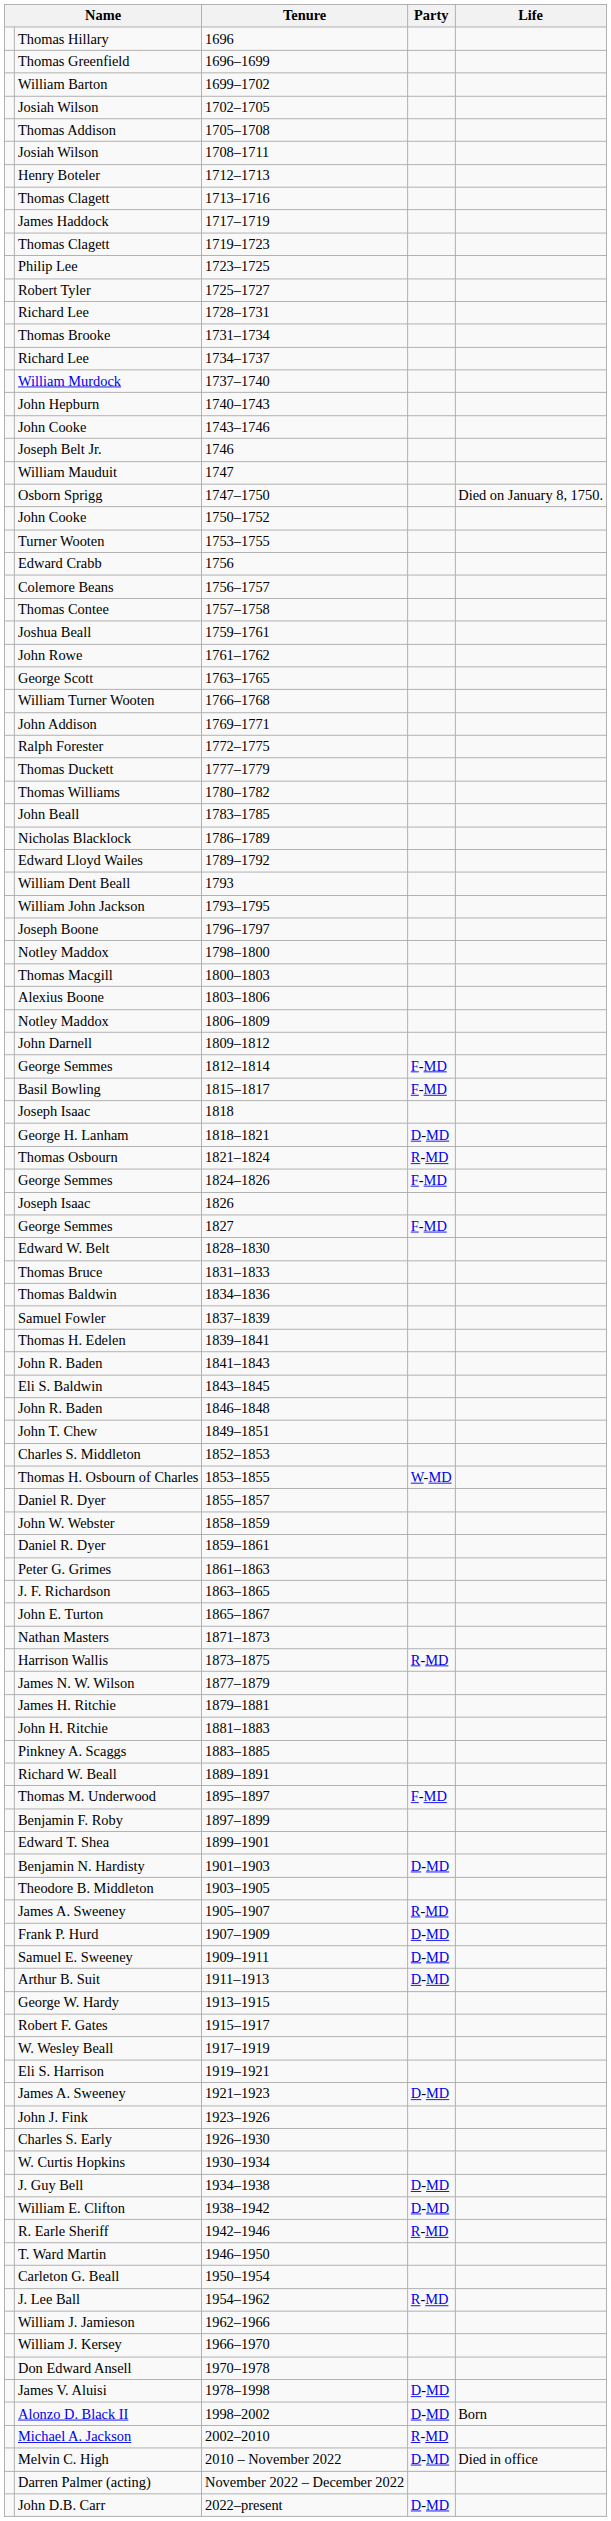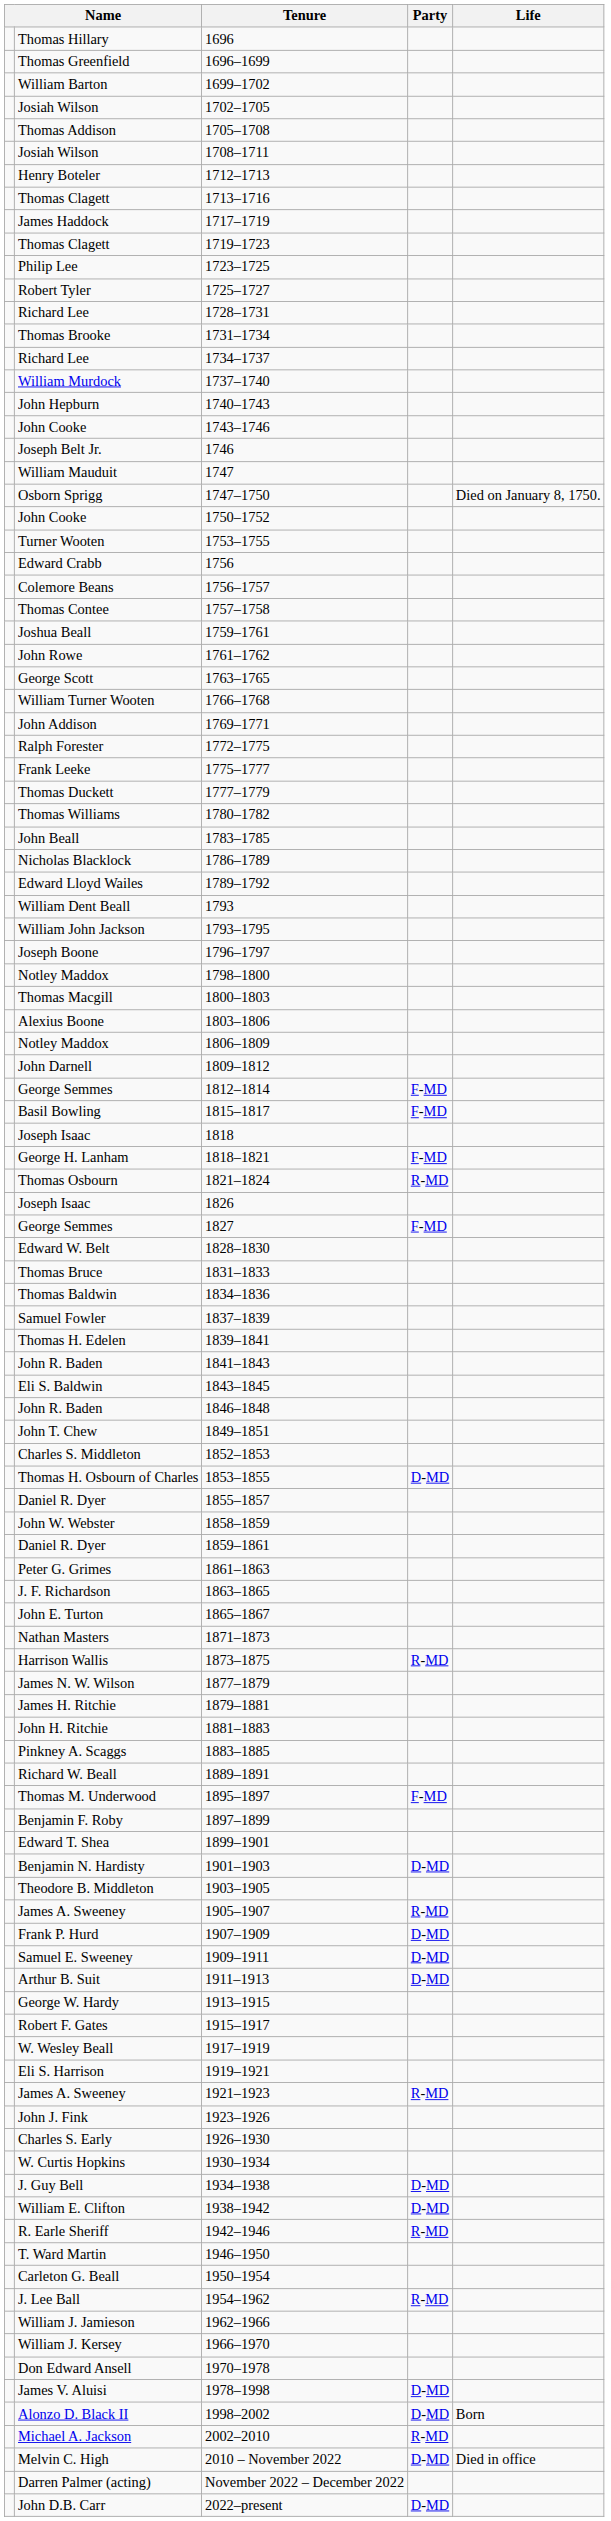 <table class=wikitable>
 <tr>
 <th colspan="2" style="text-align:center; vertical-align:bottom;">Name</th>
 <th style="text-align:center;">Tenure</th>
 <th valign=bottom>Party</th>
 <th style="vertical-align:bottom; text-align:center;">Life</th>
 </tr>
 <tr>
 <td></td>
 <td>Thomas Hillary</td>
 <td>1696</td>
 <td></td>
 <td></td>
 </tr>
 <tr>
 <td></td>
 <td>Thomas Greenfield</td>
 <td>1696–1699</td>
 <td></td>
 <td></td>
 </tr>
 <tr>
 <td></td>
 <td>William Barton</td>
 <td>1699–1702</td>
 <td></td>
 <td></td>
 </tr>
 <tr>
 <td></td>
 <td>Josiah Wilson</td>
 <td>1702–1705</td>
 <td></td>
 <td></td>
 </tr>
 <tr>
 <td></td>
 <td>Thomas Addison</td>
 <td>1705–1708</td>
 <td></td>
 <td></td>
 </tr>
 <tr>
 <td></td>
 <td>Josiah Wilson</td>
 <td>1708–1711</td>
 <td></td>
 <td></td>
 </tr>
 <tr>
 <td></td>
 <td>Henry Boteler</td>
 <td>1712–1713</td>
 <td></td>
 <td></td>
 </tr>
 <tr>
 <td></td>
 <td>Thomas Clagett</td>
 <td>1713–1716</td>
 <td></td>
 <td></td>
 </tr>
 <tr>
 <td></td>
 <td>James Haddock</td>
 <td>1717–1719</td>
 <td></td>
 <td></td>
 </tr>
 <tr>
 <td></td>
 <td>Thomas Clagett</td>
 <td>1719–1723</td>
 <td></td>
 <td></td>
 </tr>
 <tr>
 <td></td>
 <td>Philip Lee</td>
 <td>1723–1725</td>
 <td></td>
 <td></td>
 </tr>
 <tr>
 <td></td>
 <td>Robert Tyler</td>
 <td>1725–1727</td>
 <td></td>
 <td></td>
 </tr>
 <tr>
 <td></td>
 <td>Richard Lee</td>
 <td>1728–1731</td>
 <td></td>
 <td></td>
 </tr>
 <tr>
 <td></td>
 <td>Thomas Brooke</td>
 <td>1731–1734</td>
 <td></td>
 <td></td>
 </tr>
 <tr>
 <td></td>
 <td>Richard Lee</td>
 <td>1734–1737</td>
 <td></td>
 <td></td>
 </tr>
 <tr>
 <td></td>
 <td><a href='#'>William Murdock</a></td>
 <td>1737–1740</td>
 <td></td>
 <td></td>
 </tr>
 <tr>
 <td></td>
 <td>John Hepburn</td>
 <td>1740–1743</td>
 <td></td>
 <td></td>
 </tr>
 <tr>
 <td></td>
 <td>John Cooke</td>
 <td>1743–1746</td>
 <td></td>
 <td></td>
 </tr>
 <tr>
 <td></td>
 <td>Joseph Belt Jr.</td>
 <td>1746</td>
 <td></td>
 <td></td>
 </tr>
 <tr>
 <td></td>
 <td>William Mauduit</td>
 <td>1747</td>
 <td></td>
 <td></td>
 </tr>
 <tr>
 <td></td>
 <td>Osborn Sprigg</td>
 <td>1747–1750</td>
 <td></td>
 <td>Died on January 8, 1750.</td>
 </tr>
 <tr>
 <td></td>
 <td>John Cooke</td>
 <td>1750–1752</td>
 <td></td>
 <td></td>
 </tr>
 <tr>
 <td></td>
 <td>Turner Wooten</td>
 <td>1753–1755</td>
 <td></td>
 <td></td>
 </tr>
 <tr>
 <td></td>
 <td>Edward Crabb</td>
 <td>1756</td>
 <td></td>
 <td></td>
 </tr>
 <tr>
 <td></td>
 <td>Colemore Beans</td>
 <td>1756–1757</td>
 <td></td>
 <td></td>
 </tr>
 <tr>
 <td></td>
 <td>Thomas Contee</td>
 <td>1757–1758</td>
 <td></td>
 <td></td>
 </tr>
 <tr>
 <td></td>
 <td>Joshua Beall</td>
 <td>1759–1761</td>
 <td></td>
 <td></td>
 </tr>
 <tr>
 <td></td>
 <td>John Rowe</td>
 <td>1761–1762</td>
 <td></td>
 <td></td>
 </tr>
 <tr>
 <td></td>
 <td>George Scott</td>
 <td>1763–1765</td>
 <td></td>
 <td></td>
 </tr>
 <tr>
 <td></td>
 <td>William Turner Wooten</td>
 <td>1766–1768</td>
 <td></td>
 <td></td>
 </tr>
 <tr>
 <td></td>
 <td>John Addison</td>
 <td>1769–1771</td>
 <td></td>
 <td></td>
 </tr>
 <tr>
 <td></td>
 <td>Ralph Forester</td>
 <td>1772–1775</td>
 <td></td>
 <td></td>
 </tr>
 <tr>
 <td></td>
+<td>Frank Leeke</td>
+<td>1775–1777</td>
+<td></td>
+<td></td>
+</tr>
+<tr>
+<td></td>
 <td>Thomas Duckett</td>
 <td>1777–1779</td>
 <td></td>
 <td></td>
 </tr>
 <tr>
 <td></td>
 <td>Thomas Williams</td>
 <td>1780–1782</td>
 <td></td>
 <td></td>
 </tr>
 <tr>
 <td></td>
 <td>John Beall</td>
 <td>1783–1785</td>
 <td></td>
 <td></td>
 </tr>
 <tr>
 <td></td>
 <td>Nicholas Blacklock</td>
 <td>1786–1789</td>
 <td></td>
 <td></td>
 </tr>
 <tr>
 <td></td>
 <td>Edward Lloyd Wailes</td>
 <td>1789–1792</td>
 <td></td>
 <td></td>
 </tr>
 <tr>
 <td></td>
 <td>William Dent Beall</td>
 <td>1793</td>
 <td></td>
 <td></td>
 </tr>
 <tr>
 <td></td>
 <td>William John Jackson</td>
 <td>1793–1795</td>
 <td></td>
 <td></td>
 </tr>
 <tr>
 <td></td>
 <td>Joseph Boone</td>
 <td>1796–1797</td>
 <td></td>
 <td></td>
 </tr>
 <tr>
 <td></td>
 <td>Notley Maddox</td>
 <td>1798–1800</td>
 <td></td>
 <td></td>
 </tr>
 <tr>
 <td></td>
 <td>Thomas Macgill</td>
 <td>1800–1803</td>
 <td></td>
 <td></td>
 </tr>
 <tr>
 <td></td>
 <td>Alexius Boone</td>
 <td>1803–1806</td>
 <td></td>
 <td></td>
 </tr>
 <tr>
 <td></td>
 <td>Notley Maddox</td>
 <td>1806–1809</td>
 <td></td>
 <td></td>
 </tr>
 <tr>
 <td></td>
 <td>John Darnell</td>
 <td>1809–1812</td>
 <td></td>
 <td></td>
 </tr>
 <tr>
 <td style="background-color:"> </td>
 <td>George Semmes</td>
 <td>1812–1814</td>
 <td><a href='#'>F</a>-<a href='#'>MD</a></td>
 <td></td>
 </tr>
 <tr>
 <td style="background-color:"> </td>
 <td>Basil Bowling</td>
 <td>1815–1817</td>
 <td><a href='#'>F</a>-<a href='#'>MD</a></td>
 <td></td>
 </tr>
 <tr>
 <td></td>
 <td>Joseph Isaac</td>
 <td>1818</td>
 <td></td>
 <td></td>
 </tr>
 <tr>
 <td style="background-color:"> </td>
 <td>George H. Lanham</td>
 <td>1818–1821</td>
-<td><a href='#'>D</a>-<a href='#'>MD</a></td>
+<td><a href='#'>F</a>-<a href='#'>MD</a></td>
 <td></td>
 </tr>
 <tr>
 <td style="background-color:"> </td>
 <td>Thomas Osbourn</td>
 <td>1821–1824</td>
 <td><a href='#'>R</a>-<a href='#'>MD</a></td>
-<td></td>
-</tr>
-<tr>
-<td style="background-color:"> </td>
-<td>George Semmes</td>
-<td>1824–1826</td>
-<td><a href='#'>F</a>-<a href='#'>MD</a></td>
 <td></td>
 </tr>
 <tr>
 <td></td>
 <td>Joseph Isaac</td>
 <td>1826</td>
 <td></td>
 <td></td>
 </tr>
 <tr>
 <td style="background-color:"> </td>
 <td>George Semmes</td>
 <td>1827</td>
 <td><a href='#'>F</a>-<a href='#'>MD</a></td>
 <td></td>
 </tr>
 <tr>
 <td></td>
 <td>Edward W. Belt</td>
 <td>1828–1830</td>
 <td></td>
 <td></td>
 </tr>
 <tr>
 <td></td>
 <td>Thomas Bruce</td>
 <td>1831–1833</td>
 <td></td>
 <td></td>
 </tr>
 <tr>
 <td></td>
 <td>Thomas Baldwin</td>
 <td>1834–1836</td>
 <td></td>
 <td></td>
 </tr>
 <tr>
 <td></td>
 <td>Samuel Fowler</td>
 <td>1837–1839</td>
 <td></td>
 <td></td>
 </tr>
 <tr>
 <td></td>
 <td>Thomas H. Edelen</td>
 <td>1839–1841</td>
 <td></td>
 <td></td>
 </tr>
 <tr>
 <td></td>
 <td>John R. Baden</td>
 <td>1841–1843</td>
 <td></td>
 <td></td>
 </tr>
 <tr>
 <td></td>
 <td>Eli S. Baldwin</td>
 <td>1843–1845</td>
 <td></td>
 <td></td>
 </tr>
 <tr>
 <td></td>
 <td>John R. Baden</td>
 <td>1846–1848</td>
 <td></td>
 <td></td>
 </tr>
 <tr>
 <td></td>
 <td>John T. Chew</td>
 <td>1849–1851</td>
 <td></td>
 <td></td>
 </tr>
 <tr>
 <td></td>
 <td>Charles S. Middleton</td>
 <td>1852–1853</td>
 <td></td>
 <td></td>
 </tr>
 <tr>
 <td style="background-color:"> </td>
 <td>Thomas H. Osbourn of Charles</td>
 <td>1853–1855</td>
-<td><a href='#'>W</a>-<a href='#'>MD</a></td>
+<td><a href='#'>D</a>-<a href='#'>MD</a></td>
 <td></td>
 </tr>
 <tr>
 <td></td>
 <td>Daniel R. Dyer</td>
 <td>1855–1857</td>
 <td></td>
 <td></td>
 </tr>
 <tr>
 <td></td>
 <td>John W. Webster</td>
 <td>1858–1859</td>
 <td></td>
 <td></td>
 </tr>
 <tr>
 <td></td>
 <td>Daniel R. Dyer</td>
 <td>1859–1861</td>
 <td></td>
 <td></td>
 </tr>
 <tr>
 <td></td>
 <td>Peter G. Grimes</td>
 <td>1861–1863</td>
 <td></td>
 <td></td>
 </tr>
 <tr>
 <td></td>
 <td>J. F. Richardson</td>
 <td>1863–1865</td>
 <td></td>
 <td></td>
 </tr>
 <tr>
 <td></td>
 <td>John E. Turton</td>
 <td>1865–1867</td>
 <td></td>
 <td></td>
 </tr>
 <tr>
 <td></td>
 <td>Nathan Masters</td>
 <td>1871–1873</td>
 <td></td>
 <td></td>
 </tr>
 <tr>
 <td style="background-color:"> </td>
 <td>Harrison Wallis</td>
 <td>1873–1875</td>
 <td><a href='#'>R</a>-<a href='#'>MD</a></td>
 <td></td>
 </tr>
 <tr>
 <td></td>
 <td>James N. W. Wilson</td>
 <td>1877–1879</td>
 <td></td>
 <td></td>
 </tr>
 <tr>
 <td></td>
 <td>James H. Ritchie</td>
 <td>1879–1881</td>
 <td></td>
 <td></td>
 </tr>
 <tr>
 <td></td>
 <td>John H. Ritchie</td>
 <td>1881–1883</td>
 <td></td>
 <td></td>
 </tr>
 <tr>
 <td></td>
 <td>Pinkney A. Scaggs</td>
 <td>1883–1885</td>
 <td></td>
 <td></td>
 </tr>
 <tr>
 <td></td>
 <td>Richard W. Beall</td>
 <td>1889–1891</td>
 <td></td>
 <td></td>
 </tr>
 <tr>
 <td style="background-color:"> </td>
 <td>Thomas M. Underwood</td>
 <td>1895–1897</td>
 <td><a href='#'>F</a>-<a href='#'>MD</a></td>
 <td></td>
 </tr>
 <tr>
 <td></td>
 <td>Benjamin F. Roby</td>
 <td>1897–1899</td>
 <td></td>
 <td></td>
 </tr>
 <tr>
 <td></td>
 <td>Edward T. Shea</td>
 <td>1899–1901</td>
 <td></td>
 <td></td>
 </tr>
 <tr>
 <td style="background-color:"> </td>
 <td>Benjamin N. Hardisty</td>
 <td>1901–1903</td>
 <td><a href='#'>D</a>-<a href='#'>MD</a></td>
 <td></td>
 </tr>
 <tr>
 <td></td>
 <td>Theodore B. Middleton</td>
 <td>1903–1905</td>
 <td></td>
 <td></td>
 </tr>
 <tr>
 <td style="background-color:"> </td>
 <td>James A. Sweeney</td>
 <td>1905–1907</td>
 <td><a href='#'>R</a>-<a href='#'>MD</a></td>
 <td></td>
 </tr>
 <tr>
 <td style="background-color:"> </td>
 <td>Frank P. Hurd</td>
 <td>1907–1909</td>
 <td><a href='#'>D</a>-<a href='#'>MD</a></td>
 <td></td>
 </tr>
 <tr>
 <td style="background-color:"> </td>
 <td>Samuel E. Sweeney</td>
 <td>1909–1911</td>
 <td><a href='#'>D</a>-<a href='#'>MD</a></td>
 <td></td>
 </tr>
 <tr>
 <td style="background-color:"> </td>
 <td>Arthur B. Suit</td>
 <td>1911–1913</td>
 <td><a href='#'>D</a>-<a href='#'>MD</a></td>
 <td></td>
 </tr>
 <tr>
 <td></td>
 <td>George W. Hardy</td>
 <td>1913–1915</td>
 <td></td>
 <td></td>
 </tr>
 <tr>
 <td></td>
 <td>Robert F. Gates</td>
 <td>1915–1917</td>
 <td></td>
 <td></td>
 </tr>
 <tr>
 <td></td>
 <td>W. Wesley Beall</td>
 <td>1917–1919</td>
 <td></td>
 <td></td>
 </tr>
 <tr>
 <td></td>
 <td>Eli S. Harrison</td>
 <td>1919–1921</td>
 <td></td>
 <td></td>
 </tr>
 <tr>
 <td style="background-color:"> </td>
 <td>James A. Sweeney</td>
 <td>1921–1923</td>
-<td><a href='#'>D</a>-<a href='#'>MD</a></td>
+<td><a href='#'>R</a>-<a href='#'>MD</a></td>
 <td></td>
 </tr>
 <tr>
 <td></td>
 <td>John J. Fink</td>
 <td>1923–1926</td>
 <td></td>
 <td></td>
 </tr>
 <tr>
 <td></td>
 <td>Charles S. Early</td>
 <td>1926–1930</td>
 <td></td>
 <td></td>
 </tr>
 <tr>
 <td></td>
 <td>W. Curtis Hopkins</td>
 <td>1930–1934</td>
 <td></td>
 <td></td>
 </tr>
 <tr>
 <td style="background-color:"> </td>
 <td>J. Guy Bell</td>
 <td>1934–1938</td>
 <td><a href='#'>D</a>-<a href='#'>MD</a></td>
 <td></td>
 </tr>
 <tr>
 <td style="background-color:"> </td>
 <td>William E. Clifton</td>
 <td>1938–1942</td>
 <td><a href='#'>D</a>-<a href='#'>MD</a></td>
 <td></td>
 </tr>
 <tr>
 <td style="background-color:"> </td>
 <td>R. Earle Sheriff</td>
 <td>1942–1946</td>
 <td><a href='#'>R</a>-<a href='#'>MD</a></td>
 <td></td>
 </tr>
 <tr>
 <td></td>
 <td>T. Ward Martin</td>
 <td>1946–1950</td>
 <td></td>
 <td></td>
 </tr>
 <tr>
 <td></td>
 <td>Carleton G. Beall</td>
 <td>1950–1954</td>
 <td></td>
 <td></td>
 </tr>
 <tr>
 <td style="background-color:"> </td>
 <td>J. Lee Ball</td>
 <td>1954–1962</td>
 <td><a href='#'>R</a>-<a href='#'>MD</a></td>
 <td></td>
 </tr>
 <tr>
 <td></td>
 <td>William J. Jamieson</td>
 <td>1962–1966</td>
 <td></td>
 <td></td>
 </tr>
 <tr>
 <td></td>
 <td>William J. Kersey</td>
 <td>1966–1970</td>
 <td></td>
 <td></td>
 </tr>
 <tr>
 <td></td>
 <td>Don Edward Ansell</td>
 <td>1970–1978</td>
 <td></td>
 <td></td>
 </tr>
 <tr>
 <td style="background-color:"> </td>
 <td>James V. Aluisi</td>
 <td>1978–1998</td>
 <td><a href='#'>D</a>-<a href='#'>MD</a></td>
 <td></td>
 </tr>
 <tr>
 <td style="background-color:"> </td>
 <td><a href='#'>Alonzo D. Black II</a></td>
 <td>1998–2002</td>
 <td><a href='#'>D</a>-<a href='#'>MD</a></td>
 <td>Born </td>
 </tr>
 <tr>
 <td style="background-color:"> </td>
 <td><a href='#'>Michael A. Jackson</a></td>
 <td>2002–2010</td>
 <td><a href='#'>R</a>-<a href='#'>MD</a></td>
 <td></td>
 </tr>
 <tr>
 <td style="background-color:"> </td>
 <td>Melvin C. High</td>
 <td>2010 – November 2022 </td>
 <td><a href='#'>D</a>-<a href='#'>MD</a></td>
 <td>Died in office</td>
 </tr>
 <tr>
 <td style="background-color:"> </td>
 <td>Darren Palmer (acting)</td>
 <td>November 2022 – December 2022</td>
 <td></td>
 <td></td>
 </tr>
 <tr>
 <td style="background-color:"> </td>
 <td>John D.B. Carr</td>
 <td>2022–present</td>
 <td><a href='#'>D</a>-<a href='#'>MD</a></td>
 </tr>
 </table>
